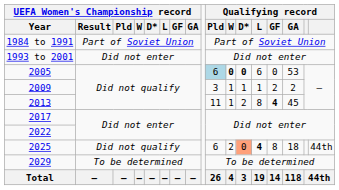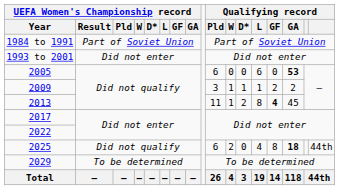 <table class="wikitable" style="text-align: center;">
 <tr>
 <th colspan=8><a href='#'>UEFA Women's Championship</a> record</th>
 <td rowspan=100></td>
 <th colspan=8>Qualifying record</th>
 </tr>
 <tr>
 <th>Year</th>
 <th>Result</th>
 <th>Pld</th>
 <th>W</th>
 <th>D*</th>
 <th>L</th>
 <th>GF</th>
 <th>GA<br></th>
 <th>Pld</th>
 <th>W</th>
 <th>D*</th>
 <th>L</th>
 <th>GF</th>
 <th>GA</th>
 <th></th>
 <th></th>
 </tr>
 <tr>
 <td><a href='#'>1984</a> to  <a href='#'>1991</a></td>
 <td colspan=7><em>Part of <a href='#'>Soviet Union</a></em></td>
 <td colspan=8><em>Part of <a href='#'>Soviet Union</a></em></td>
 </tr>
 <tr>
 <td> <a href='#'>1993</a> to  <a href='#'>2001</a></td>
 <td colspan=7><em>Did not enter</em></td>
 <td colspan=8><em>Did not enter</em></td>
 </tr>
 <tr>
 <td> <a href='#'>2005</a></td>
 <td colspan=7 rowspan=3><em>Did not qualify</em></td>
-<td style="background: lightblue;">6</td>
-<td><strong>0</strong></td>
-<td><strong>0</strong></td>
 <td>6</td>
 <td>0</td>
-<td>53</td>
+<td>0</td>
+<td>6</td>
+<td>0</td>
+<td><strong>53</strong></td>
 <td colspan=2 rowspan=3>–</td>
 </tr>
 <tr>
 <td> <a href='#'>2009</a></td>
 <td>3</td>
 <td>1</td>
 <td>1</td>
 <td>1</td>
 <td>2</td>
 <td>2</td>
 </tr>
 <tr>
 <td> <a href='#'>2013</a></td>
 <td>11</td>
 <td>1</td>
 <td>2</td>
 <td>8</td>
 <td><strong>4</strong></td>
 <td>45</td>
 </tr>
 <tr>
 <td> <a href='#'>2017</a></td>
 <td colspan=7 rowspan=2><em>Did not enter</em></td>
 <td colspan=8 rowspan=2><em>Did not enter</em></td>
 </tr>
 <tr>
 <td> <a href='#'>2022</a></td>
 </tr>
 <tr>
 <td> <a href='#'>2025</a></td>
 <td colspan=7><em>Did not qualify</em></td>
 <td>6</td>
 <td>2</td>
-<td style="background: lightsalmon;">0</td>
-<td><strong>4</strong></td>
+<td>0</td>
+<td>4</td>
 <td>8</td>
-<td>18</td>
+<td><strong>18</strong></td>
 <td></td>
 <td>44th</td>
 </tr>
 <tr>
 <td><a href='#'>2029</a></td>
 <td colspan=7><em>To be determined</em></td>
 <td colspan=8><em>To be determined</em></td>
 </tr>
 <tr>
 <th>Total</th>
 <th>–</th>
 <th>–</th>
 <th>–</th>
 <th>–</th>
 <th>–</th>
 <th>–</th>
 <th>–</th>
 <th>26</th>
 <th>4</th>
 <th>3</th>
 <th>19</th>
 <th>14</th>
 <th>118</th>
 <th colspan=2>44th</th>
 </tr>
 </table>
